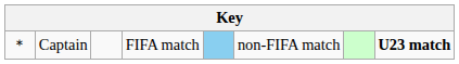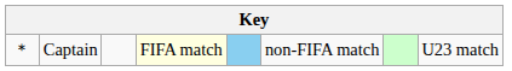 <table class="wikitable collapsible collapsed" style="font-size:90%; text-align: left;" align=center>
 <tr>
 <th colspan="8">Key</th>
 </tr>
 <tr>
 <td> ＊ </td>
 <td>Captain</td>
 <td>      </td>
-<td>FIFA match</td>
+<td style="background: lightyellow;">FIFA match</td>
 <td bgcolor=#89CFF0>      </td>
 <td>non-FIFA match</td>
 <td bgcolor=#ccffcc>      </td>
-<td><strong>U23 match</strong></td>
+<td>U23 match</td>
 </tr>
 </table>
